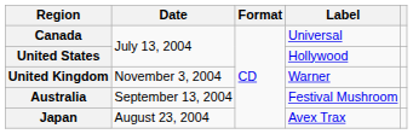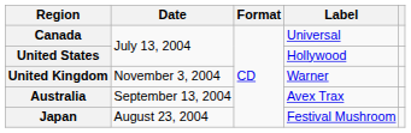 <table class="wikitable plainrowheaders">
 <tr>
 <th scope="col">Region</th>
 <th scope="col">Date</th>
 <th scope="col">Format</th>
 <th scope="col">Label</th>
 <th scope="col"></th>
 </tr>
 <tr>
 <th scope="row">Canada</th>
 <td rowspan="2">July 13, 2004</td>
 <td rowspan="5"><a href='#'>CD</a></td>
 <td><a href='#'>Universal</a></td>
 <td></td>
 </tr>
 <tr>
 <th scope="row">United States</th>
 <td><a href='#'>Hollywood</a></td>
 <td></td>
 </tr>
 <tr>
 <th scope="row">United Kingdom</th>
 <td>November 3, 2004</td>
 <td><a href='#'>Warner</a></td>
 <td></td>
 </tr>
 <tr>
 <th scope="row">Australia</th>
 <td>September 13, 2004</td>
-<td><a href='#'>Festival Mushroom</a></td>
+<td><a href='#'>Avex Trax</a></td>
 <td></td>
 </tr>
 <tr>
 <th scope="row">Japan</th>
 <td>August 23, 2004</td>
-<td><a href='#'>Avex Trax</a></td>
+<td><a href='#'>Festival Mushroom</a></td>
 <td></td>
 </tr>
 </table>
